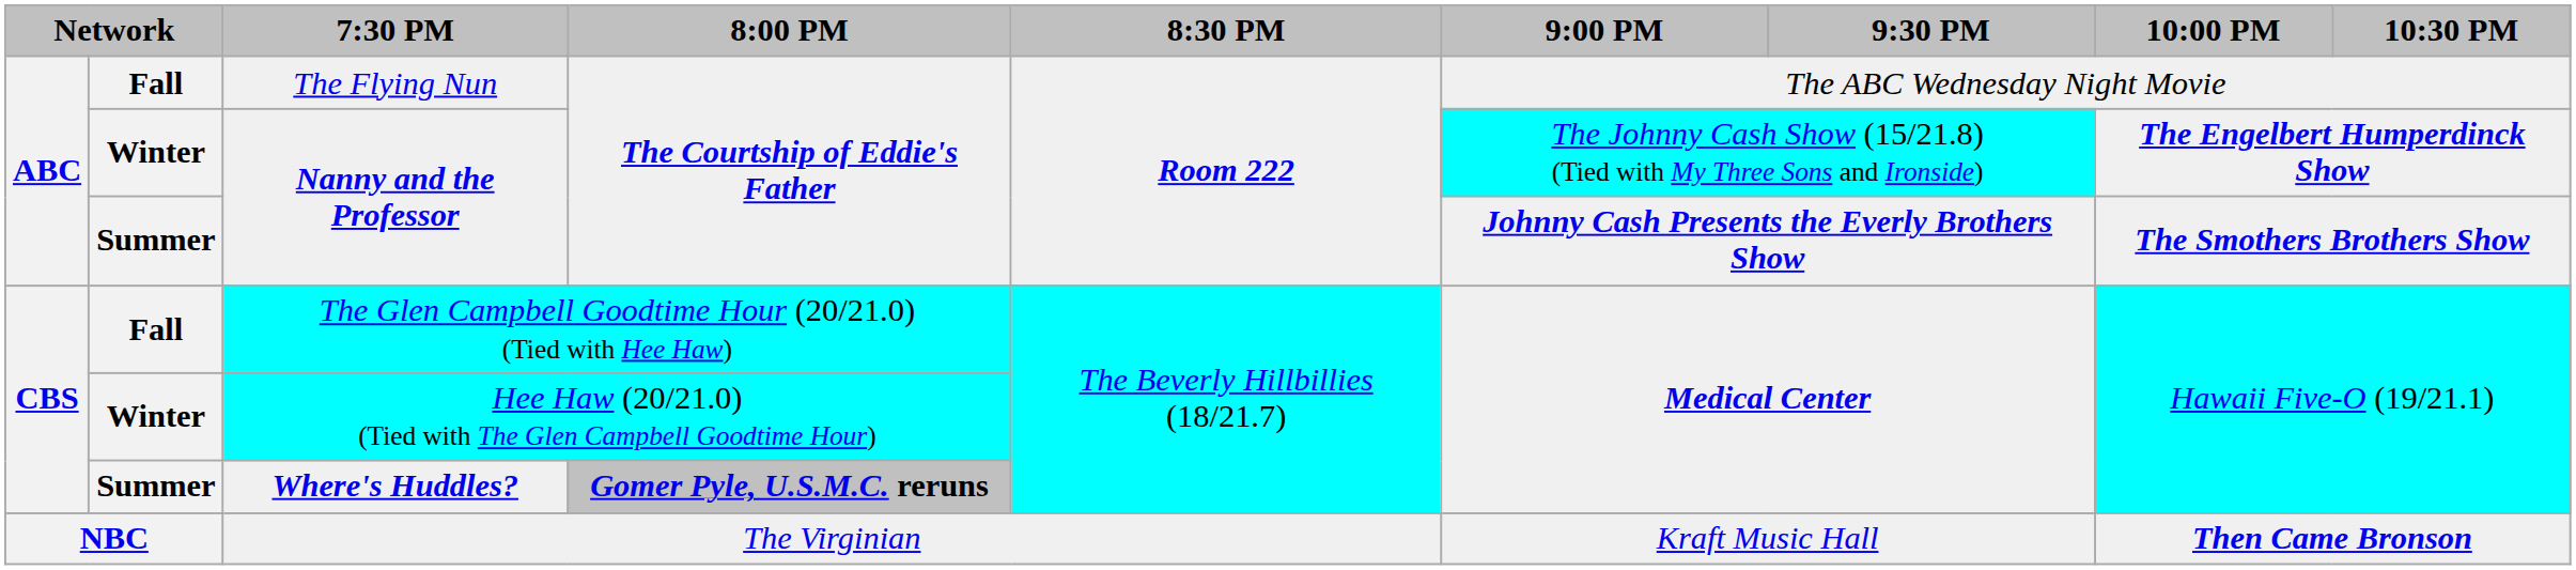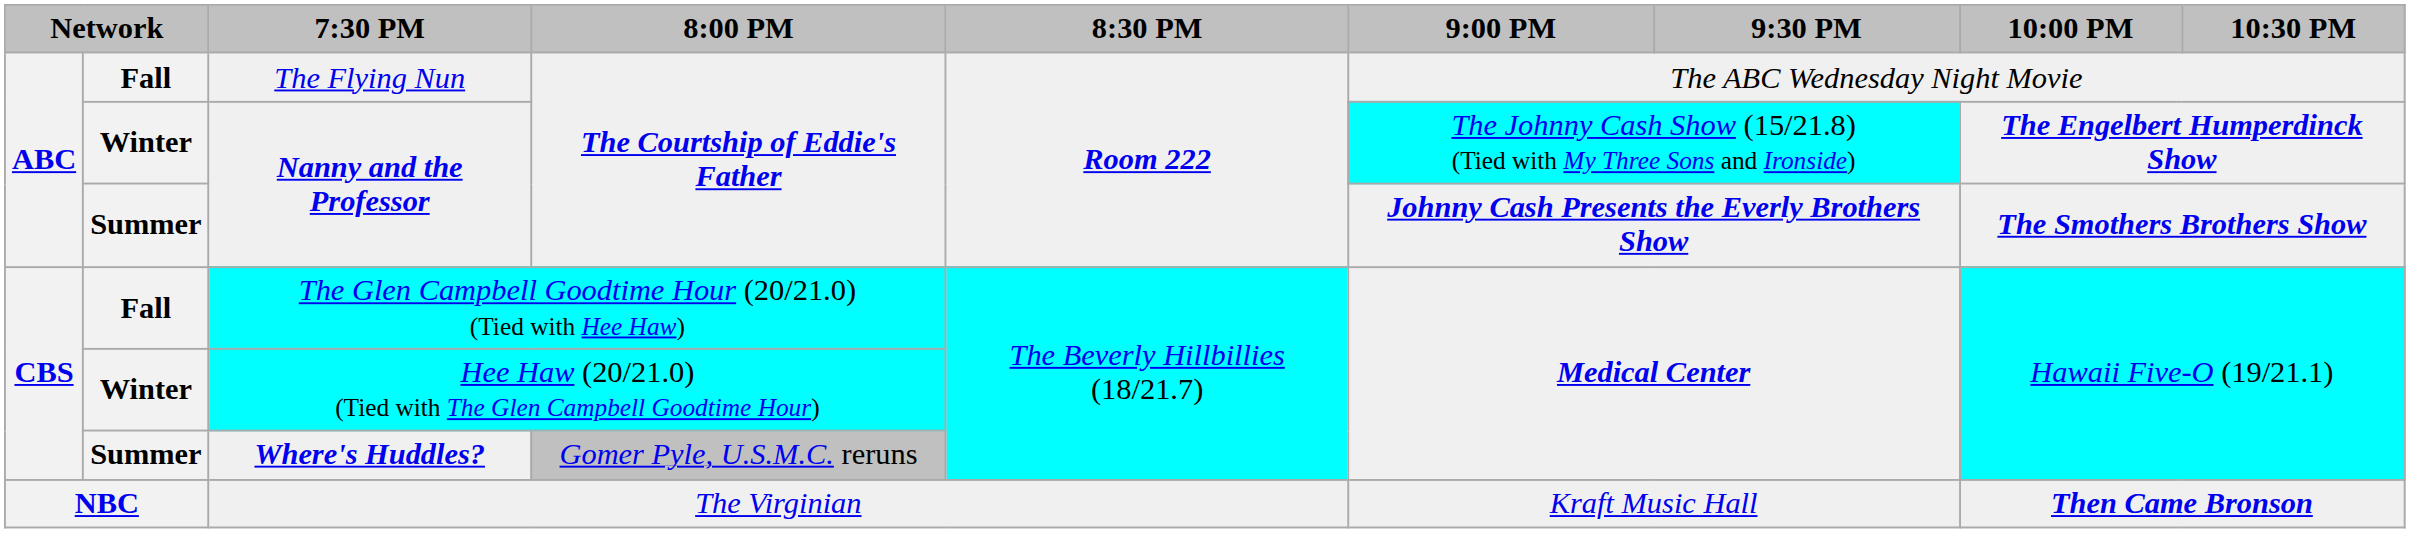 <table class="wikitable" style="width:100%;margin-right:0;text-align:center">
 <tr>
 <th colspan="2" style="background-color:#C0C0C0;text-align:center">Network</th>
 <th style="background-color:#C0C0C0;text-align:center">7:30 PM</th>
 <th style="background-color:#C0C0C0;text-align:center">8:00 PM</th>
 <th style="background-color:#C0C0C0;text-align:center">8:30 PM</th>
 <th style="background-color:#C0C0C0;text-align:center">9:00 PM</th>
 <th style="background-color:#C0C0C0;text-align:center">9:30 PM</th>
 <th style="background-color:#C0C0C0;text-align:center">10:00 PM</th>
 <th style="background-color:#C0C0C0;text-align:center">10:30 PM</th>
 </tr>
 <tr>
 <th rowspan="3"><a href='#'>ABC</a></th>
 <th>Fall</th>
 <td bgcolor="#F0F0F0"><em><a href='#'>The Flying Nun</a></em></td>
 <td bgcolor="#F0F0F0" rowspan="3"><strong><em><a href='#'>The Courtship of Eddie's Father</a></em></strong></td>
 <td bgcolor="#F0F0F0" rowspan="3"><strong><em><a href='#'>Room 222</a></em></strong></td>
 <td bgcolor="#F0F0F0" colspan="4"><em>The ABC Wednesday Night Movie</em></td>
 </tr>
 <tr>
 <th>Winter</th>
 <td bgcolor="#F0F0F0" rowspan="2"><strong><em><a href='#'>Nanny and the Professor</a></em></strong></td>
 <td bgcolor="#00FFFF" colspan="2"><em><a href='#'>The Johnny Cash Show</a></em> (15/21.8)<br><small>(Tied with <em><a href='#'>My Three Sons</a></em> and <em><a href='#'>Ironside</a></em>)</small></td>
 <td colspan="2" bgcolor="#F0F0F0"><strong><em><a href='#'>The Engelbert Humperdinck Show</a></em></strong></td>
 </tr>
 <tr>
 <th>Summer</th>
 <td bgcolor="#F0F0F0" colspan="2"><strong><em><a href='#'>Johnny Cash Presents the Everly Brothers Show</a></em></strong></td>
 <td bgcolor="#F0F0F0" colspan="2"><strong><em><a href='#'>The Smothers Brothers Show</a></em></strong></td>
 </tr>
 <tr>
 <th rowspan="3"><a href='#'>CBS</a></th>
 <th>Fall</th>
 <td bgcolor="#00FFFF" colspan="2"><em><a href='#'>The Glen Campbell Goodtime Hour</a></em> (20/21.0)<br><small>(Tied with <em><a href='#'>Hee Haw</a></em>)</small></td>
 <td bgcolor="#00FFFF" rowspan="3"><em><a href='#'>The Beverly Hillbillies</a></em> (18/21.7)</td>
 <td bgcolor="#F0F0F0" colspan="2" rowspan="3"><strong><em><a href='#'>Medical Center</a></em></strong></td>
 <td bgcolor="#00FFFF" colspan="2" rowspan="3"><em><a href='#'>Hawaii Five-O</a></em> (19/21.1)</td>
 </tr>
 <tr>
 <th>Winter</th>
 <td bgcolor="#00FFFF" colspan="2"><em><a href='#'>Hee Haw</a></em> (20/21.0)<br><small>(Tied with <em><a href='#'>The Glen Campbell Goodtime Hour</a></em>)</small></td>
 </tr>
 <tr>
 <th>Summer</th>
 <td bgcolor="#F0F0F0"><strong><em><a href='#'>Where's Huddles?</a></em></strong></td>
-<td bgcolor="#C0C0C0"><strong><em><a href='#'>Gomer Pyle, U.S.M.C.</a></em> reruns</strong></td>
+<td bgcolor="#C0C0C0"><em><a href='#'>Gomer Pyle, U.S.M.C.</a></em> reruns</td>
 </tr>
 <tr>
 <th colspan="2"><a href='#'>NBC</a></th>
 <td bgcolor="#F0F0F0" colspan="3"><em><a href='#'>The Virginian</a></em></td>
 <td bgcolor="#F0F0F0" colspan="2"><em><a href='#'>Kraft Music Hall</a></em></td>
 <td bgcolor="#F0F0F0" colspan="2"><strong><em><a href='#'>Then Came Bronson</a></em></strong></td>
 </tr>
 </table>
